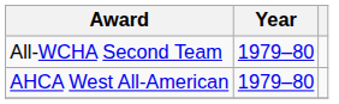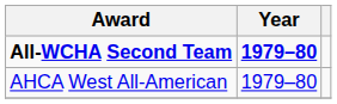 <table class="wikitable">
 <tr>
 <th>Award</th>
 <th>Year</th>
 <th></th>
 </tr>
 <tr>
-<td>All-<a href='#'>WCHA</a> <a href='#'>Second Team</a></td>
-<td><a href='#'>1979–80</a></td>
+<td><strong>All-<a href='#'>WCHA</a> <a href='#'>Second Team</a></strong></td>
+<td><strong><a href='#'>1979–80</a></strong></td>
 <td></td>
 </tr>
 <tr>
 <td><a href='#'>AHCA</a> <a href='#'>West All-American</a></td>
 <td><a href='#'>1979–80</a></td>
 <td></td>
 </tr>
 <tr>
 </tr>
 </table>
